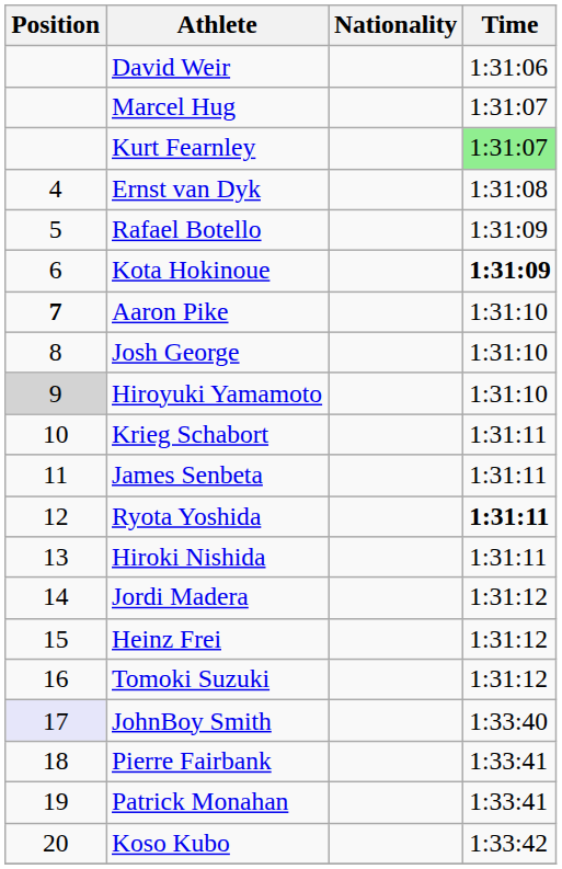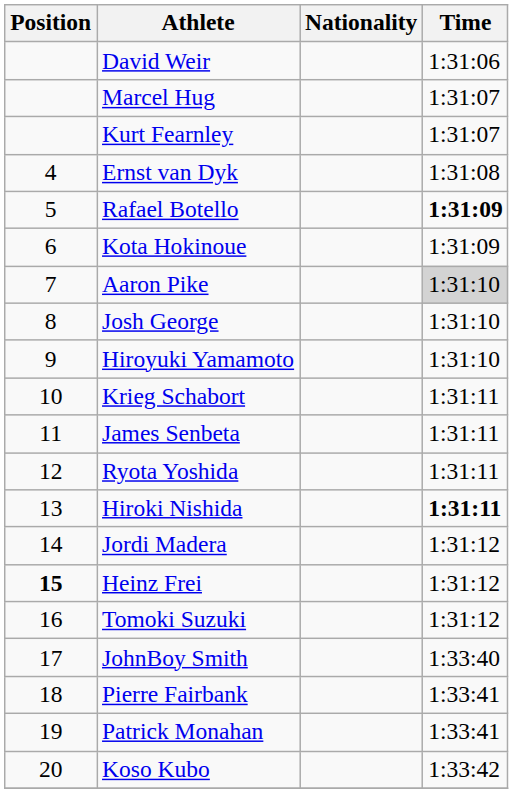 <table class="wikitable sortable">
 <tr>
 <th>Position</th>
 <th>Athlete</th>
 <th>Nationality</th>
 <th>Time</th>
 </tr>
 <tr>
 <td align=center></td>
 <td><a href='#'>David Weir</a></td>
 <td></td>
 <td>1:31:06</td>
 </tr>
 <tr>
 <td align=center></td>
 <td><a href='#'>Marcel Hug</a></td>
 <td></td>
 <td>1:31:07</td>
 </tr>
 <tr>
 <td align=center></td>
 <td><a href='#'>Kurt Fearnley</a></td>
 <td></td>
-<td style="background: lightgreen;">1:31:07</td>
+<td>1:31:07</td>
 </tr>
 <tr>
 <td align=center>4</td>
 <td><a href='#'>Ernst van Dyk</a></td>
 <td></td>
 <td>1:31:08</td>
 </tr>
 <tr>
 <td align=center>5</td>
 <td><a href='#'>Rafael Botello</a></td>
 <td></td>
-<td>1:31:09</td>
+<td><strong>1:31:09</strong></td>
 </tr>
 <tr>
 <td align=center>6</td>
 <td><a href='#'>Kota Hokinoue</a></td>
 <td></td>
-<td><strong>1:31:09</strong></td>
+<td>1:31:09</td>
 </tr>
 <tr>
-<td align=center><strong>7</strong></td>
+<td align=center>7</td>
 <td><a href='#'>Aaron Pike</a></td>
 <td></td>
-<td>1:31:10</td>
+<td style="background: lightgrey;">1:31:10</td>
 </tr>
 <tr>
 <td align=center>8</td>
 <td><a href='#'>Josh George</a></td>
 <td></td>
 <td>1:31:10</td>
 </tr>
 <tr>
-<td align=center style="background: lightgrey;">9</td>
+<td align=center>9</td>
 <td><a href='#'>Hiroyuki Yamamoto</a></td>
 <td></td>
 <td>1:31:10</td>
 </tr>
 <tr>
 <td align=center>10</td>
 <td><a href='#'>Krieg Schabort</a></td>
 <td></td>
 <td>1:31:11</td>
 </tr>
 <tr>
 <td align=center>11</td>
 <td><a href='#'>James Senbeta</a></td>
 <td></td>
 <td>1:31:11</td>
 </tr>
 <tr>
 <td align=center>12</td>
 <td><a href='#'>Ryota Yoshida</a></td>
 <td></td>
-<td><strong>1:31:11</strong></td>
+<td>1:31:11</td>
 </tr>
 <tr>
 <td align=center>13</td>
 <td><a href='#'>Hiroki Nishida</a></td>
 <td></td>
-<td>1:31:11</td>
+<td><strong>1:31:11</strong></td>
 </tr>
 <tr>
 <td align=center>14</td>
 <td><a href='#'>Jordi Madera</a></td>
 <td></td>
 <td>1:31:12</td>
 </tr>
 <tr>
-<td align=center>15</td>
+<td align=center><strong>15</strong></td>
 <td><a href='#'>Heinz Frei</a></td>
 <td></td>
 <td>1:31:12</td>
 </tr>
 <tr>
 <td align=center>16</td>
 <td><a href='#'>Tomoki Suzuki</a></td>
 <td></td>
 <td>1:31:12</td>
 </tr>
 <tr>
-<td align=center style="background: lavender;">17</td>
+<td align=center>17</td>
 <td><a href='#'>JohnBoy Smith</a></td>
 <td></td>
 <td>1:33:40</td>
 </tr>
 <tr>
 <td align=center>18</td>
 <td><a href='#'>Pierre Fairbank</a></td>
 <td></td>
 <td>1:33:41</td>
 </tr>
 <tr>
 <td align=center>19</td>
 <td><a href='#'>Patrick Monahan</a></td>
 <td></td>
 <td>1:33:41</td>
 </tr>
 <tr>
 <td align=center>20</td>
 <td><a href='#'>Koso Kubo</a></td>
 <td></td>
 <td>1:33:42</td>
 </tr>
 <tr>
 </tr>
 </table>
